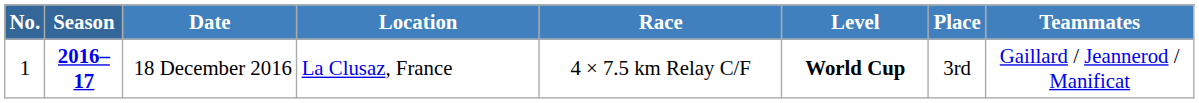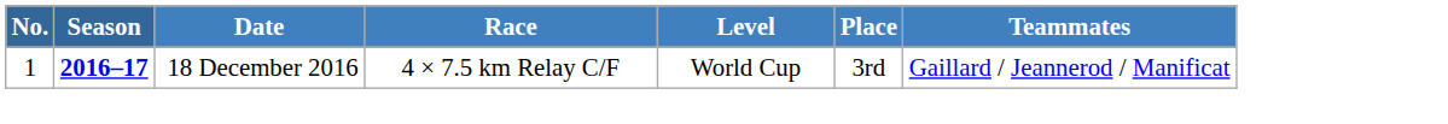 <table class="wikitable sortable" style="font-size:95%; text-align:center; border:grey solid 1px; border-collapse:collapse; background:#ffffff;">
 <tr style="background:#efefef;">
 <th style="background-color:#369; color:white;">No.</th>
 <th style="background-color:#369; color:white;">Season</th>
 <th style="background-color:#4180be; color:white; width:120px;">Date</th>
-<th style="background-color:#4180be; color:white; width:170px;">Location</th>
 <th style="background-color:#4180be; color:white; width:170px;">Race</th>
 <th style="background-color:#4180be; color:white; width:100px;">Level</th>
 <th style="background-color:#4180be; color:white;">Place</th>
 <th style="background-color:#4180be; color:white;">Teammates</th>
 </tr>
 <tr>
 <td align=center>1</td>
 <td align=center><strong><a href='#'>2016–17</a></strong></td>
 <td align=right>18 December 2016</td>
-<td align=left> <a href='#'>La Clusaz</a>, France</td>
 <td>4 × 7.5 km Relay C/F</td>
-<td><strong>World Cup</strong></td>
+<td>World Cup</td>
 <td>3rd</td>
 <td><a href='#'>Gaillard</a> / <a href='#'>Jeannerod</a> / <a href='#'>Manificat</a></td>
 </tr>
 </table>
